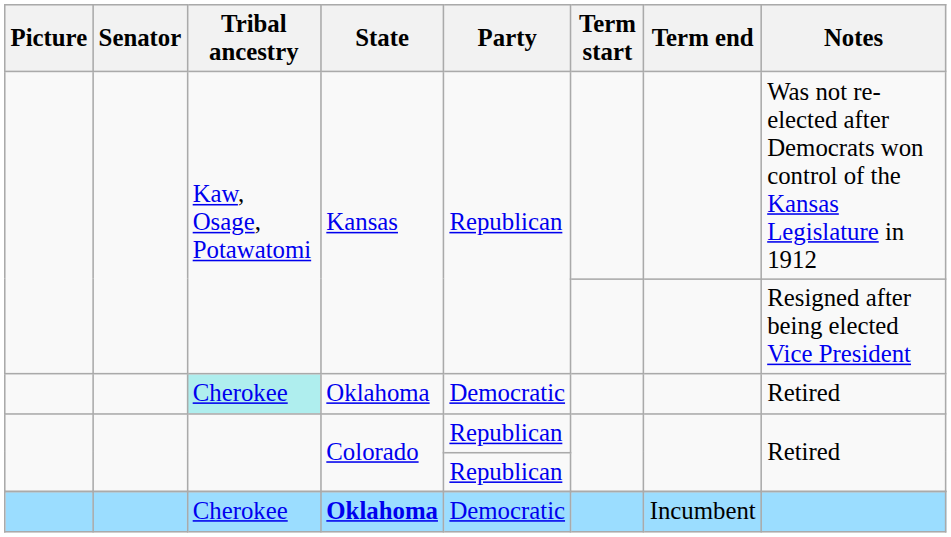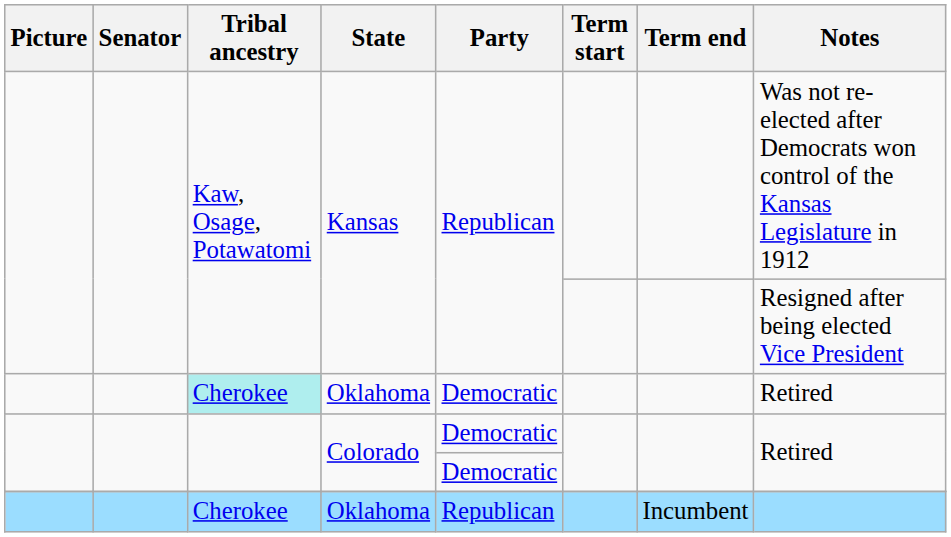 <table class="wikitable sortable">
 <tr>
 <th>Picture</th>
 <th>Senator<br></th>
 <th>Tribal ancestry</th>
 <th>State</th>
 <th>Party</th>
 <th>Term start</th>
 <th>Term end</th>
 <th>Notes</th>
 </tr>
 <tr>
 <td rowspan=2></td>
 <td rowspan=2><strong></strong><br></td>
 <td rowspan=2><a href='#'>Kaw</a>,<br><a href='#'>Osage</a>,<br><a href='#'>Potawatomi</a></td>
 <td rowspan=2> <a href='#'>Kansas</a></td>
 <td rowspan=2 ><a href='#'>Republican</a></td>
 <td></td>
 <td></td>
 <td>Was not re-elected after Democrats won control of the <a href='#'>Kansas Legislature</a> in 1912</td>
 </tr>
 <tr>
 <td></td>
 <td></td>
 <td>Resigned after being elected <a href='#'>Vice President</a></td>
 </tr>
 <tr>
 <td></td>
 <td><strong></strong><br></td>
 <td style="background: paleturquoise;"><a href='#'>Cherokee</a></td>
 <td> <a href='#'>Oklahoma</a></td>
 <td><a href='#'>Democratic</a></td>
 <td></td>
 <td></td>
 <td>Retired</td>
 </tr>
 <tr>
 <td rowspan=2></td>
 <td rowspan=2><strong></strong><br></td>
 <td rowspan=2></td>
 <td rowspan=2> <a href='#'>Colorado</a></td>
-<td><a href='#'>Republican</a></td>
+<td><a href='#'>Democratic</a> </td>
 <td rowspan=2></td>
 <td rowspan=2></td>
 <td rowspan=2>Retired</td>
 </tr>
 <tr>
-<td><a href='#'>Republican</a> </td>
+<td><a href='#'>Democratic</a></td>
 </tr>
 <tr>
 </tr>
 <tr style="background:#9BDDFF">
 <td></td>
 <td><strong></strong><br></td>
 <td><a href='#'>Cherokee</a></td>
-<td><strong> <a href='#'>Oklahoma</a></strong></td>
-<td><a href='#'>Democratic</a> </td>
+<td> <a href='#'>Oklahoma</a></td>
+<td><a href='#'>Republican</a></td>
 <td></td>
 <td>Incumbent</td>
 <td></td>
 </tr>
 </table>
